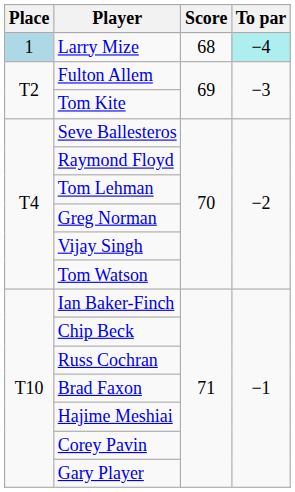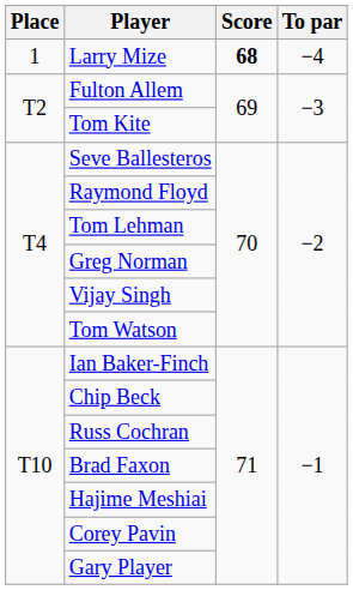 <table class="wikitable">
 <tr>
 <th>Place</th>
 <th>Player</th>
 <th>Score</th>
 <th>To par</th>
 </tr>
 <tr>
-<td align=center style="background: lightblue;">1</td>
+<td align=center>1</td>
 <td> <a href='#'>Larry Mize</a></td>
-<td align=center>68</td>
-<td align=center style="background: paleturquoise;">−4</td>
+<td align=center><strong>68</strong></td>
+<td align=center>−4</td>
 </tr>
 <tr>
 <td rowspan="2" align=center>T2</td>
 <td> <a href='#'>Fulton Allem</a></td>
 <td rowspan="2" align=center>69</td>
 <td rowspan="2" align=center>−3</td>
 </tr>
 <tr>
 <td> <a href='#'>Tom Kite</a></td>
 </tr>
 <tr>
 <td rowspan="6" align=center>T4</td>
 <td> <a href='#'>Seve Ballesteros</a></td>
 <td rowspan="6" align=center>70</td>
 <td rowspan="6" align=center>−2</td>
 </tr>
 <tr>
 <td> <a href='#'>Raymond Floyd</a></td>
 </tr>
 <tr>
 <td> <a href='#'>Tom Lehman</a></td>
 </tr>
 <tr>
 <td> <a href='#'>Greg Norman</a></td>
 </tr>
 <tr>
 <td> <a href='#'>Vijay Singh</a></td>
 </tr>
 <tr>
 <td> <a href='#'>Tom Watson</a></td>
 </tr>
 <tr>
 <td rowspan="7" align=center>T10</td>
 <td> <a href='#'>Ian Baker-Finch</a></td>
 <td rowspan="7" align=center>71</td>
 <td rowspan="7" align=center>−1</td>
 </tr>
 <tr>
 <td> <a href='#'>Chip Beck</a></td>
 </tr>
 <tr>
 <td> <a href='#'>Russ Cochran</a></td>
 </tr>
 <tr>
 <td> <a href='#'>Brad Faxon</a></td>
 </tr>
 <tr>
 <td> <a href='#'>Hajime Meshiai</a></td>
 </tr>
 <tr>
 <td> <a href='#'>Corey Pavin</a></td>
 </tr>
 <tr>
 <td> <a href='#'>Gary Player</a></td>
 </tr>
 </table>
